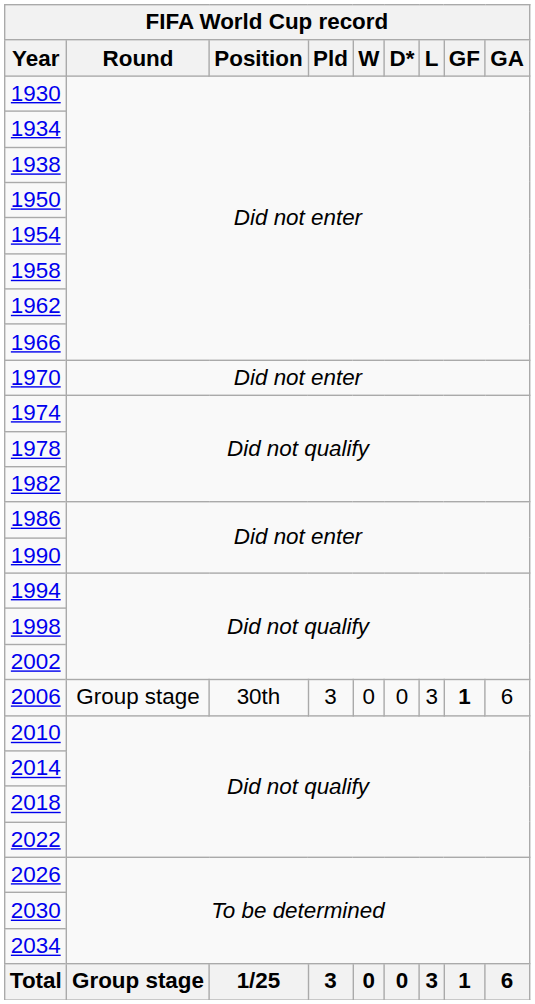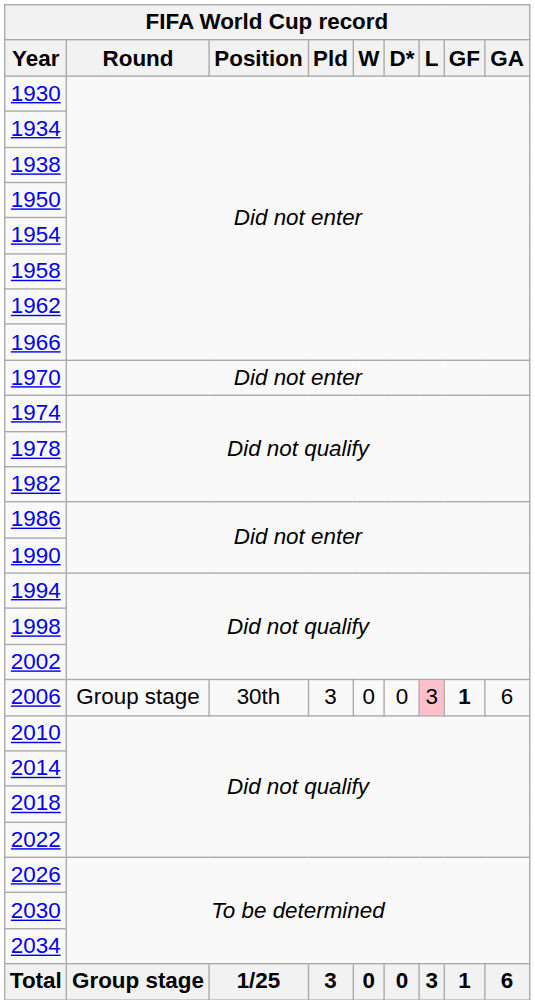 <table class="wikitable" style="text-align: center;">
 <tr>
 <th colspan=9>FIFA World Cup record</th>
 </tr>
 <tr>
 <th>Year</th>
 <th>Round</th>
 <th>Position</th>
 <th>Pld</th>
 <th>W</th>
 <th>D*</th>
 <th>L</th>
 <th>GF</th>
 <th>GA</th>
 </tr>
 <tr>
 <td> <a href='#'>1930</a></td>
 <td colspan=8 rowspan=8><em>Did not enter</em></td>
 </tr>
 <tr>
 <td> <a href='#'>1934</a></td>
 </tr>
 <tr>
 <td> <a href='#'>1938</a></td>
 </tr>
 <tr>
 <td> <a href='#'>1950</a></td>
 </tr>
 <tr>
 <td> <a href='#'>1954</a></td>
 </tr>
 <tr>
 <td> <a href='#'>1958</a></td>
 </tr>
 <tr>
 <td> <a href='#'>1962</a></td>
 </tr>
 <tr>
 <td> <a href='#'>1966</a></td>
 </tr>
 <tr>
 <td> <a href='#'>1970</a></td>
 <td colspan=8><em>Did not enter</em></td>
 </tr>
 <tr>
 <td> <a href='#'>1974</a></td>
 <td colspan=8 rowspan=3><em>Did not qualify</em></td>
 </tr>
 <tr>
 <td> <a href='#'>1978</a></td>
 </tr>
 <tr>
 <td> <a href='#'>1982</a></td>
 </tr>
 <tr>
 <td> <a href='#'>1986</a></td>
 <td colspan=8 rowspan=2><em>Did not enter</em></td>
 </tr>
 <tr>
 <td> <a href='#'>1990</a></td>
 </tr>
 <tr>
 <td> <a href='#'>1994</a></td>
 <td colspan=8 rowspan=3><em>Did not qualify</em></td>
 </tr>
 <tr>
 <td> <a href='#'>1998</a></td>
 </tr>
 <tr>
 <td> <a href='#'>2002</a></td>
 </tr>
 <tr>
 <td> <a href='#'>2006</a></td>
 <td>Group stage</td>
 <td>30th</td>
 <td>3</td>
 <td>0</td>
 <td>0</td>
-<td>3</td>
+<td style="background: pink;">3</td>
 <td><strong>1</strong></td>
 <td>6</td>
 </tr>
 <tr>
 <td> <a href='#'>2010</a></td>
 <td colspan=8 rowspan=4><em>Did not qualify</em></td>
 </tr>
 <tr>
 <td> <a href='#'>2014</a></td>
 </tr>
 <tr>
 <td> <a href='#'>2018</a></td>
 </tr>
 <tr>
 <td> <a href='#'>2022</a></td>
 </tr>
 <tr>
 <td> <a href='#'>2026</a></td>
 <td colspan=8 rowspan=3><em>To be determined</em></td>
 </tr>
 <tr>
 <td> <a href='#'>2030</a></td>
 </tr>
 <tr>
 <td> <a href='#'>2034</a></td>
 </tr>
 <tr>
 <th><strong>Total</strong></th>
 <th>Group stage</th>
 <th>1/25</th>
 <th>3</th>
 <th>0</th>
 <th>0</th>
 <th>3</th>
 <th>1</th>
 <th>6</th>
 </tr>
 </table>
